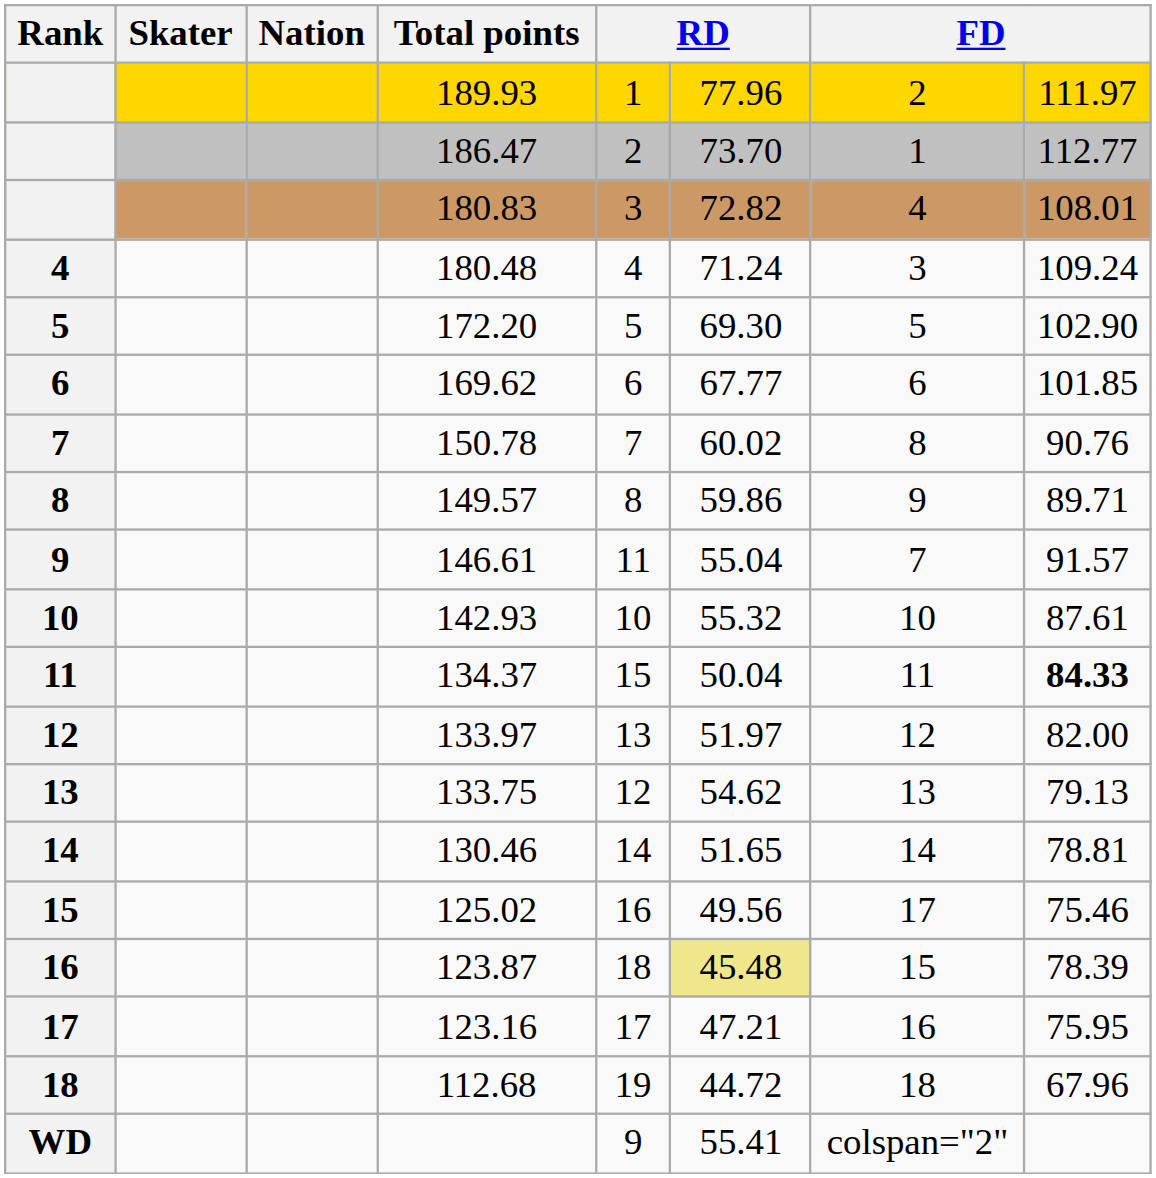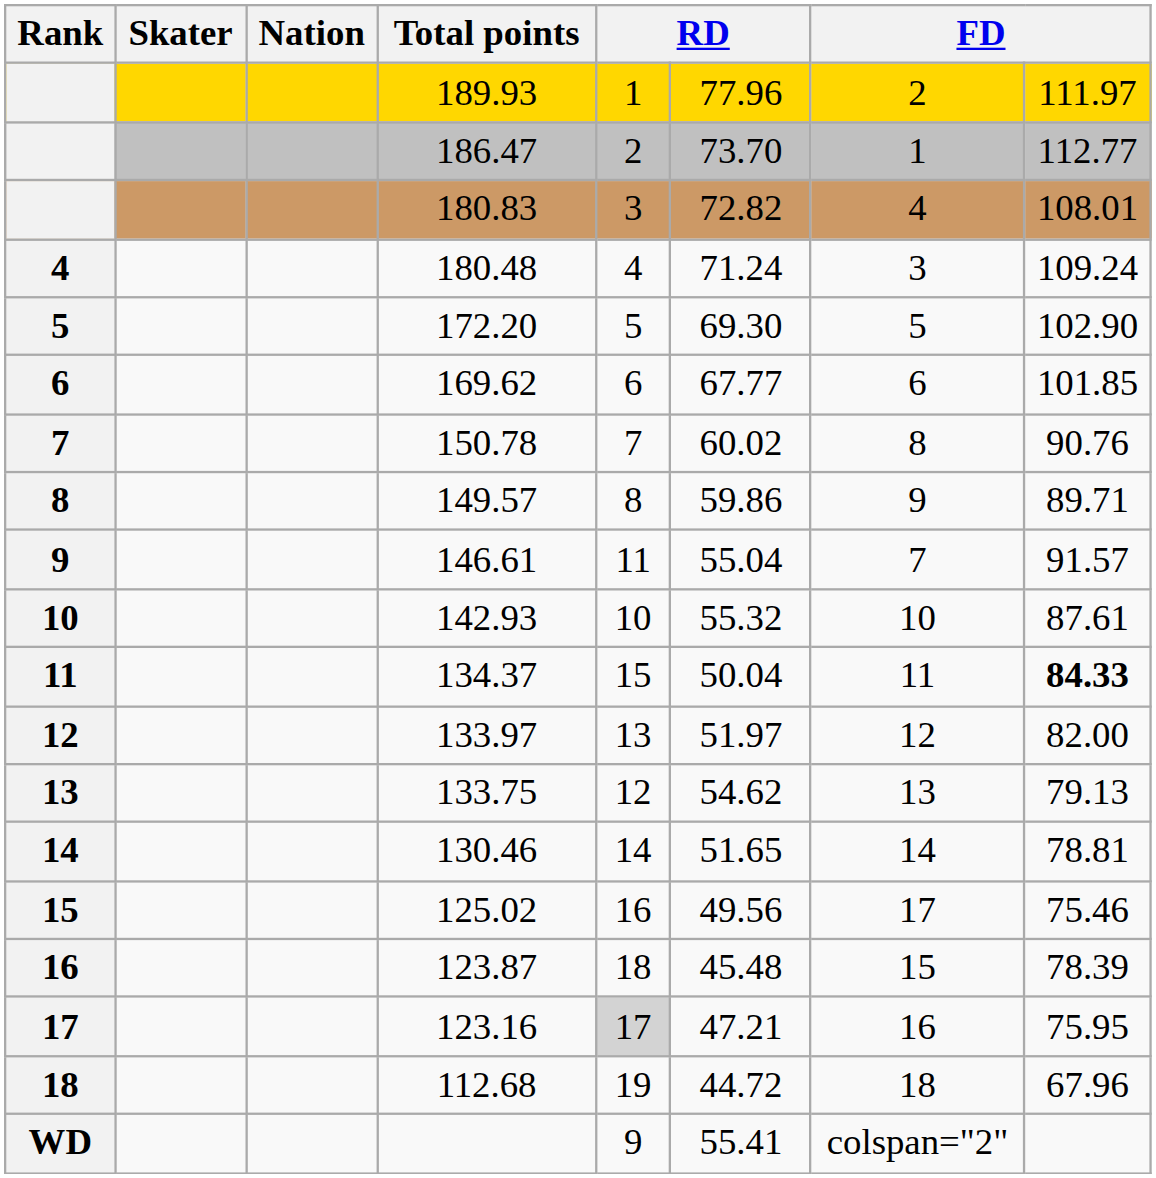 <table class="wikitable sortable" style="text-align:center;" width="80%">
 <tr>
 <th scope="col">Rank</th>
 <th scope="col">Skater</th>
 <th scope="col">Nation</th>
 <th scope="col">Total points</th>
 <th scope="col" colspan="2" width="80px"><a href='#'>RD</a></th>
 <th scope="col" colspan="2" width="80px"><a href='#'>FD</a></th>
 </tr>
 <tr bgcolor="gold">
 <th scope="row"></th>
 <td align="left"></td>
 <td align="left"></td>
 <td>189.93</td>
 <td>1</td>
 <td>77.96</td>
 <td>2</td>
 <td>111.97</td>
 </tr>
 <tr bgcolor="silver">
 <th scope="row"></th>
 <td align="left"></td>
 <td align="left"></td>
 <td>186.47</td>
 <td>2</td>
 <td>73.70</td>
 <td>1</td>
 <td>112.77</td>
 </tr>
 <tr bgcolor="cc9966">
 <th scope="row"></th>
 <td align="left"></td>
 <td align="left"></td>
 <td>180.83</td>
 <td>3</td>
 <td>72.82</td>
 <td>4</td>
 <td>108.01</td>
 </tr>
 <tr>
 <th scope="row">4</th>
 <td align="left"></td>
 <td align="left"></td>
 <td>180.48</td>
 <td>4</td>
 <td>71.24</td>
 <td>3</td>
 <td>109.24</td>
 </tr>
 <tr>
 <th scope="row">5</th>
 <td align="left"></td>
 <td align="left"></td>
 <td>172.20</td>
 <td>5</td>
 <td>69.30</td>
 <td>5</td>
 <td>102.90</td>
 </tr>
 <tr>
 <th scope="row">6</th>
 <td align="left"></td>
 <td align="left"></td>
 <td>169.62</td>
 <td>6</td>
 <td>67.77</td>
 <td>6</td>
 <td>101.85</td>
 </tr>
 <tr>
 <th scope="row">7</th>
 <td align="left"></td>
 <td align="left"></td>
 <td>150.78</td>
 <td>7</td>
 <td>60.02</td>
 <td>8</td>
 <td>90.76</td>
 </tr>
 <tr>
 <th scope="row">8</th>
 <td align="left"></td>
 <td align="left"></td>
 <td>149.57</td>
 <td>8</td>
 <td>59.86</td>
 <td>9</td>
 <td>89.71</td>
 </tr>
 <tr>
 <th scope="row">9</th>
 <td align="left"></td>
 <td align="left"></td>
 <td>146.61</td>
 <td>11</td>
 <td>55.04</td>
 <td>7</td>
 <td>91.57</td>
 </tr>
 <tr>
 <th scope="row">10</th>
 <td align="left"></td>
 <td align="left"></td>
 <td>142.93</td>
 <td>10</td>
 <td>55.32</td>
 <td>10</td>
 <td>87.61</td>
 </tr>
 <tr>
 <th scope="row">11</th>
 <td align="left"></td>
 <td align="left"></td>
 <td>134.37</td>
 <td>15</td>
 <td>50.04</td>
 <td>11</td>
 <td><strong>84.33</strong></td>
 </tr>
 <tr>
 <th scope="row">12</th>
 <td align="left"></td>
 <td align="left"></td>
 <td>133.97</td>
 <td>13</td>
 <td>51.97</td>
 <td>12</td>
 <td>82.00</td>
 </tr>
 <tr>
 <th scope="row">13</th>
 <td align="left"></td>
 <td align="left"></td>
 <td>133.75</td>
 <td>12</td>
 <td>54.62</td>
 <td>13</td>
 <td>79.13</td>
 </tr>
 <tr>
 <th scope="row">14</th>
 <td align="left"></td>
 <td align="left"></td>
 <td>130.46</td>
 <td>14</td>
 <td>51.65</td>
 <td>14</td>
 <td>78.81</td>
 </tr>
 <tr>
 <th scope="row">15</th>
 <td align="left"></td>
 <td align="left"></td>
 <td>125.02</td>
 <td>16</td>
 <td>49.56</td>
 <td>17</td>
 <td>75.46</td>
 </tr>
 <tr>
 <th scope="row">16</th>
 <td align="left"></td>
 <td align="left"></td>
 <td>123.87</td>
 <td>18</td>
-<td style="background: khaki;">45.48</td>
+<td>45.48</td>
 <td>15</td>
 <td>78.39</td>
 </tr>
 <tr>
 <th scope="row">17</th>
 <td align="left"></td>
 <td align="left"></td>
 <td>123.16</td>
-<td>17</td>
+<td style="background: lightgrey;">17</td>
 <td>47.21</td>
 <td>16</td>
 <td>75.95</td>
 </tr>
 <tr>
 <th scope="row">18</th>
 <td align="left"></td>
 <td align="left"></td>
 <td>112.68</td>
 <td>19</td>
 <td>44.72</td>
 <td>18</td>
 <td>67.96</td>
 </tr>
 <tr>
 <th scope="row">WD</th>
 <td align="left"></td>
 <td align="left"></td>
 <td></td>
 <td>9</td>
 <td>55.41</td>
 <td>colspan="2" </td>
 </tr>
 </table>
